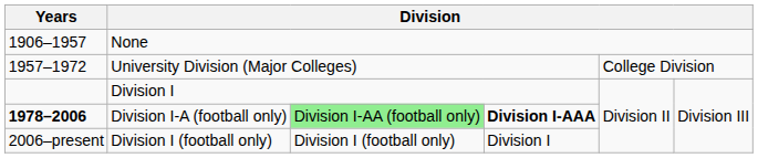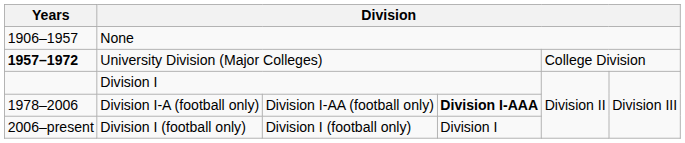 <table class="wikitable">
 <tr>
 <th>Years</th>
 <th colspan=5>Division</th>
 </tr>
 <tr>
 <td>1906–1957</td>
 <td colspan="5">None</td>
 </tr>
 <tr>
-<td>1957–1972</td>
+<td><strong>1957–1972</strong></td>
 <td colspan=3>University Division (Major Colleges)</td>
 <td colspan="2">College Division </td>
 </tr>
 <tr>
 <td></td>
 <td colspan=3>Division I</td>
 <td rowspan="3">Division II</td>
 <td rowspan="3">Division III</td>
 </tr>
 <tr>
-<td><strong>1978–2006</strong></td>
+<td>1978–2006</td>
 <td>Division I-A (football only)</td>
-<td style="background: lightgreen;">Division I-AA (football only)</td>
+<td>Division I-AA (football only)</td>
 <td><strong>Division I-AAA</strong></td>
 </tr>
 <tr>
 <td>2006–present</td>
 <td>Division I  (football only)</td>
 <td>Division I  (football only)</td>
 <td>Division I </td>
 </tr>
 </table>
